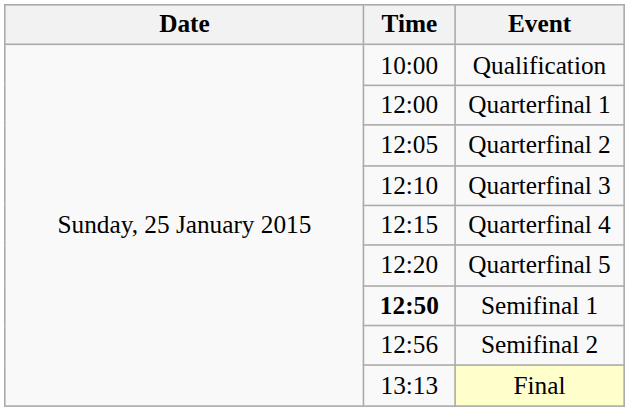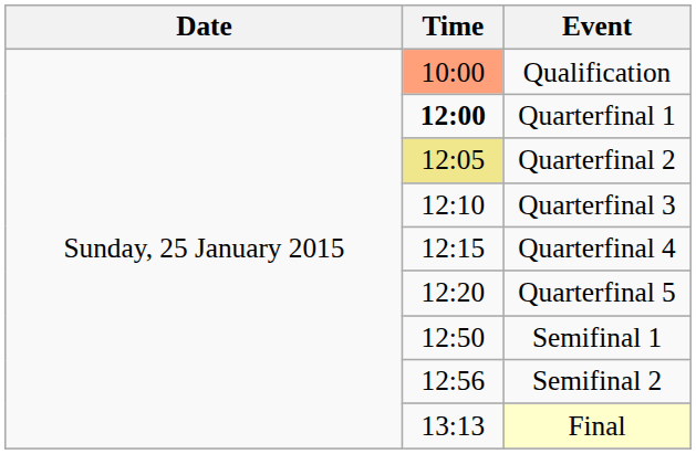 <table class = "wikitable" style="text-align:center;">
 <tr>
 <th width=220>Date</th>
 <th width=50>Time</th>
 <th width=100>Event</th>
 </tr>
 <tr>
 <td rowspan=9>Sunday, 25 January 2015</td>
-<td>10:00</td>
+<td style="background: lightsalmon;">10:00</td>
 <td>Qualification</td>
 </tr>
 <tr>
-<td>12:00</td>
+<td><strong>12:00</strong></td>
 <td>Quarterfinal 1</td>
 </tr>
 <tr>
-<td>12:05</td>
+<td style="background: khaki;">12:05</td>
 <td>Quarterfinal 2</td>
 </tr>
 <tr>
 <td>12:10</td>
 <td>Quarterfinal 3</td>
 </tr>
 <tr>
 <td>12:15</td>
 <td>Quarterfinal 4</td>
 </tr>
 <tr>
 <td>12:20</td>
 <td>Quarterfinal 5</td>
 </tr>
 <tr>
-<td><strong>12:50</strong></td>
+<td>12:50</td>
 <td>Semifinal 1</td>
 </tr>
 <tr>
 <td>12:56</td>
 <td>Semifinal 2</td>
 </tr>
 <tr>
 <td>13:13</td>
 <td bgcolor=ffffcc>Final</td>
 </tr>
 </table>
